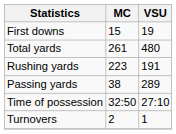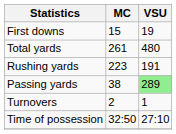 <table class="wikitable">
 <tr>
 <th>Statistics</th>
 <th>MC</th>
 <th>VSU</th>
 </tr>
 <tr>
 <td>First downs</td>
 <td>15</td>
 <td>19</td>
 </tr>
 <tr>
 <td>Total yards</td>
 <td>261</td>
 <td>480</td>
 </tr>
 <tr>
 <td>Rushing yards</td>
 <td>223</td>
 <td>191</td>
 </tr>
 <tr>
 <td>Passing yards</td>
 <td>38</td>
-<td>289</td>
+<td style="background: lightgreen;">289</td>
+</tr>
+<tr>
+<td>Turnovers</td>
+<td>2</td>
+<td>1</td>
 </tr>
 <tr>
 <td>Time of possession</td>
 <td>32:50</td>
 <td>27:10</td>
 </tr>
 <tr>
-<td>Turnovers</td>
-<td>2</td>
-<td>1</td>
-</tr>
-<tr>
 </tr>
 </table>
